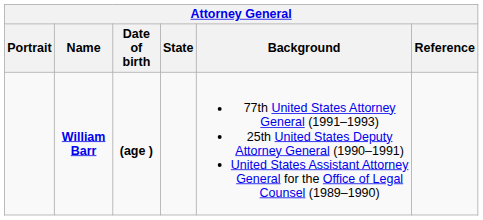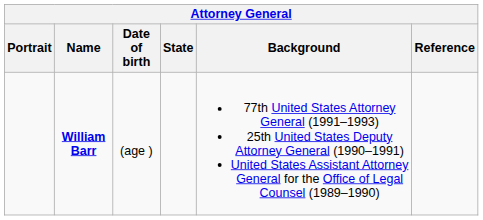 <table class="wikitable collapsible" style="text-align:center;">
 <tr>
 <th colspan="6"><a href='#'>Attorney General</a></th>
 </tr>
 <tr>
 <th>Portrait</th>
 <th>Name</th>
 <th>Date of birth</th>
 <th>State</th>
 <th>Background</th>
 <th>Reference</th>
 </tr>
 <tr>
 <td></td>
 <td><strong><a href='#'>William Barr</a></strong></td>
-<td><strong><br>(age )</strong></td>
+<td><br>(age )</td>
 <td></td>
 <td><br><ul><li>77th <a href='#'>United States Attorney General</a> (1991–1993)</li><li>25th <a href='#'>United States Deputy Attorney General</a> (1990–1991)</li><li><a href='#'>United States Assistant Attorney General</a> for the <a href='#'>Office of Legal Counsel</a> (1989–1990)</li></ul></td>
 <td></td>
 </tr>
 </table>
